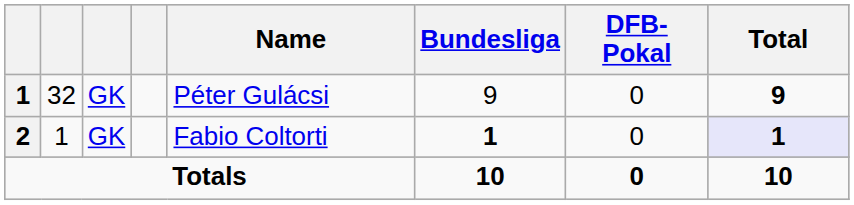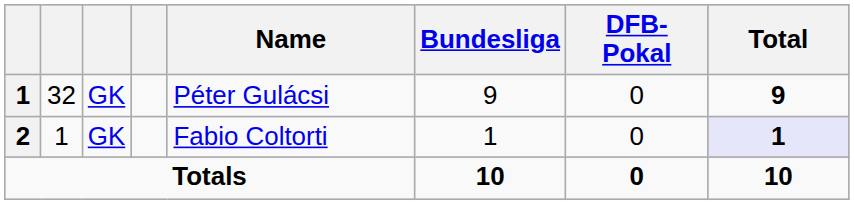 <table class="wikitable" style="text-align:center">
 <tr>
 <th width=15></th>
 <th width=15></th>
 <th width=15></th>
 <th width=15></th>
 <th width=145>Name</th>
 <th width=80><strong><a href='#'>Bundesliga</a></strong></th>
 <th width=80><strong><a href='#'>DFB-Pokal</a></strong></th>
 <th width=80>Total</th>
 </tr>
 <tr>
 <th><strong>1</strong></th>
 <td>32</td>
 <td><a href='#'>GK</a></td>
 <td></td>
 <td align=left><a href='#'>Péter Gulácsi</a></td>
 <td>9</td>
 <td>0</td>
 <td><strong>9</strong></td>
 </tr>
 <tr>
 <th><strong>2</strong></th>
 <td>1</td>
 <td><a href='#'>GK</a></td>
 <td></td>
 <td align=left><a href='#'>Fabio Coltorti</a></td>
-<td><strong>1</strong></td>
+<td>1</td>
 <td>0</td>
 <td style="background: lavender;"><strong>1</strong></td>
 </tr>
 <tr>
 <td colspan=5><strong>Totals</strong></td>
 <td><strong>10</strong></td>
 <td><strong>0</strong></td>
 <td><strong>10</strong></td>
 </tr>
 </table>
